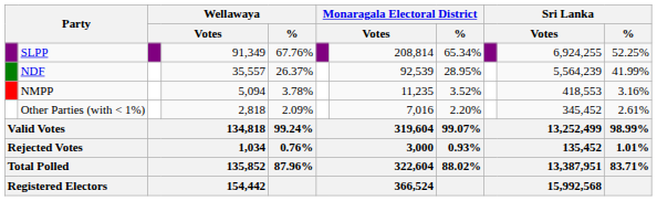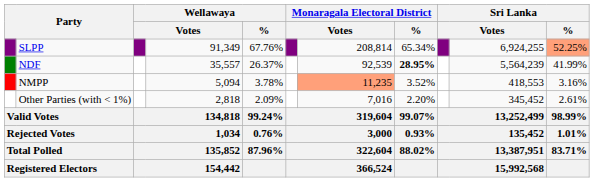 <table class="wikitable">
 <tr>
 <th colspan="2" width="144px"rowspan="2">Party</th>
 <th colspan="3" width="216px">Wellawaya</th>
 <th colspan="3" width="216px"><a href='#'>Monaragala Electoral District</a></th>
 <th colspan="3" width="216px">Sri Lanka</th>
 </tr>
 <tr>
 <th colspan="2" width="144px">Votes</th>
 <th>%</th>
 <th colspan="2" width="144px">Votes</th>
 <th>%</th>
 <th colspan="2" width="144px">Votes</th>
 <th>%</th>
 </tr>
 <tr>
 <td style="background-color:purple;" width="10px"></td>
 <td style="text-align:left;"><a href='#'>SLPP</a></td>
 <td style="background-color:purple;" width="10px"></td>
 <td style="text-align:right;">91,349</td>
 <td style="text-align:right;">67.76%</td>
 <td style="background-color:purple;" width="10px"></td>
 <td style="text-align:right;">208,814</td>
 <td style="text-align:right;">65.34%</td>
 <td style="background-color:purple;" width="10px"></td>
 <td style="text-align:right;">6,924,255</td>
-<td style="text-align:right;">52.25%</td>
+<td style="background: lightsalmon; text-align:right;">52.25%</td>
 </tr>
 <tr>
 <td style="background-color:green;" width="10px"></td>
 <td style="text-align:left;"><a href='#'>NDF</a></td>
 <td style="background-color:white;" width="10px"></td>
 <td style="text-align:right;">35,557</td>
 <td style="text-align:right;">26.37%</td>
 <td style="background-color:white;" width="10px"></td>
 <td style="text-align:right;">92,539</td>
-<td style="text-align:right;">28.95%</td>
+<td style="text-align:right;"><strong>28.95%</strong></td>
 <td style="background-color:white;" width="10px"></td>
 <td style="text-align:right;">5,564,239</td>
 <td style="text-align:right;">41.99%</td>
 </tr>
 <tr>
 <td style="background-color:red;" width="10px"></td>
 <td style="text-align:left;">NMPP</td>
 <td style="background-color:white;" width="10px"></td>
 <td style="text-align:right;">5,094</td>
 <td style="text-align:right;">3.78%</td>
 <td style="background-color:white;" width="10px"></td>
-<td style="text-align:right;">11,235</td>
+<td style="background: lightsalmon; text-align:right;">11,235</td>
 <td style="text-align:right;">3.52%</td>
 <td style="background-color:white;" width="10px"></td>
 <td style="text-align:right;">418,553</td>
 <td style="text-align:right;">3.16%</td>
 </tr>
 <tr>
 <td style="background-color:white;" width="10px"></td>
 <td style="text-align:left;">Other Parties (with < 1%)</td>
 <td style="background-color:white;" width="10px"></td>
 <td style="text-align:right;">2,818</td>
 <td style="text-align:right;">2.09%</td>
 <td style="background-color:white;" width="10px"></td>
 <td style="text-align:right;">7,016</td>
 <td style="text-align:right;">2.20%</td>
 <td style="background-color:white;" width="10px"></td>
 <td style="text-align:right;">345,452</td>
 <td style="text-align:right;">2.61%</td>
 </tr>
 <tr>
 <th colspan="2" width="144px"style="text-align:left;">Valid Votes</th>
 <th style="text-align:right;"colspan="2" width="144px">134,818</th>
 <th style="text-align:right;">99.24%</th>
 <th style="text-align:right;"colspan="2" width="144px">319,604</th>
 <th style="text-align:right;">99.07%</th>
 <th style="text-align:right;"colspan="2" width="144px">13,252,499</th>
 <th style="text-align:right;">98.99%</th>
 </tr>
 <tr>
 <th colspan="2" width="144px"style="text-align:left;">Rejected Votes</th>
 <th style="text-align:right;"colspan="2" width="144px">1,034</th>
 <th style="text-align:right;">0.76%</th>
 <th style="text-align:right;"colspan="2" width="144px">3,000</th>
 <th style="text-align:right;">0.93%</th>
 <th style="text-align:right;"colspan="2" width="144px">135,452</th>
 <th style="text-align:right;">1.01%</th>
 </tr>
 <tr>
 <th colspan="2" width="144px"style="text-align:left;">Total Polled</th>
 <th style="text-align:right;"colspan="2" width="144px">135,852</th>
 <th style="text-align:right;">87.96%</th>
 <th style="text-align:right;"colspan="2" width="144px">322,604</th>
 <th style="text-align:right;">88.02%</th>
 <th style="text-align:right;"colspan="2" width="144px">13,387,951</th>
 <th style="text-align:right;">83.71%</th>
 </tr>
 <tr>
 <th colspan="2" width="144px"style="text-align:left;">Registered Electors</th>
 <th style="text-align:right;"colspan="2" width="144px">154,442</th>
 <th></th>
 <th style="text-align:right;"colspan="2" width="144px">366,524</th>
 <th></th>
 <th style="text-align:right;"colspan="2" width="144px">15,992,568</th>
 <th></th>
 </tr>
 </table>
